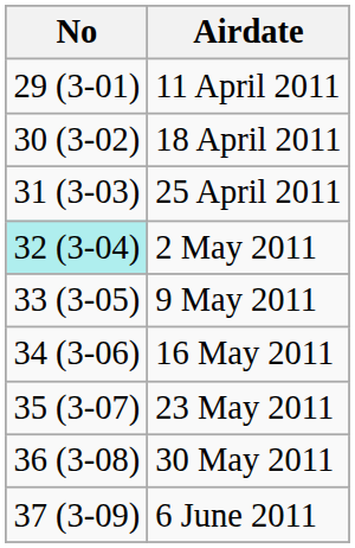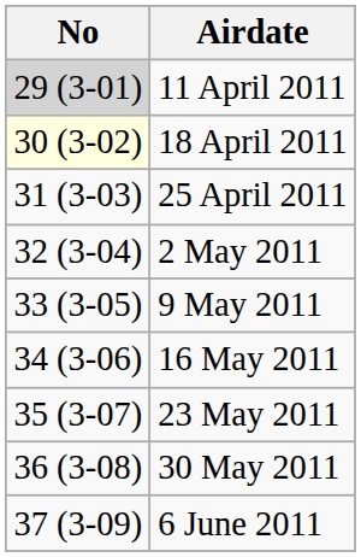 <table class="wikitable">
 <tr>
 <th>No</th>
 <th>Airdate</th>
 </tr>
 <tr>
-<td rowspan="1">29 (3-01)</td>
+<td rowspan="1" style="background: lightgrey;">29 (3-01)</td>
 <td>11 April 2011</td>
 </tr>
 <tr>
-<td rowspan="1">30 (3-02)</td>
+<td rowspan="1" style="background: lightyellow;">30 (3-02)</td>
 <td>18 April 2011</td>
 </tr>
 <tr>
 <td rowspan="1">31 (3-03)</td>
 <td>25 April 2011</td>
 </tr>
 <tr>
-<td rowspan="1" style="background: paleturquoise;">32 (3-04)</td>
+<td rowspan="1">32 (3-04)</td>
 <td>2 May 2011</td>
 </tr>
 <tr>
 <td rowspan="1">33 (3-05)</td>
 <td>9 May 2011</td>
 </tr>
 <tr>
 <td rowspan="1">34 (3-06)</td>
 <td>16 May 2011</td>
 </tr>
 <tr>
 <td rowspan="1">35 (3-07)</td>
 <td>23 May 2011</td>
 </tr>
 <tr>
 <td rowspan="1">36 (3-08)</td>
 <td>30 May 2011</td>
 </tr>
 <tr>
 <td rowspan="1">37 (3-09)</td>
 <td>6 June 2011</td>
 </tr>
 </table>
